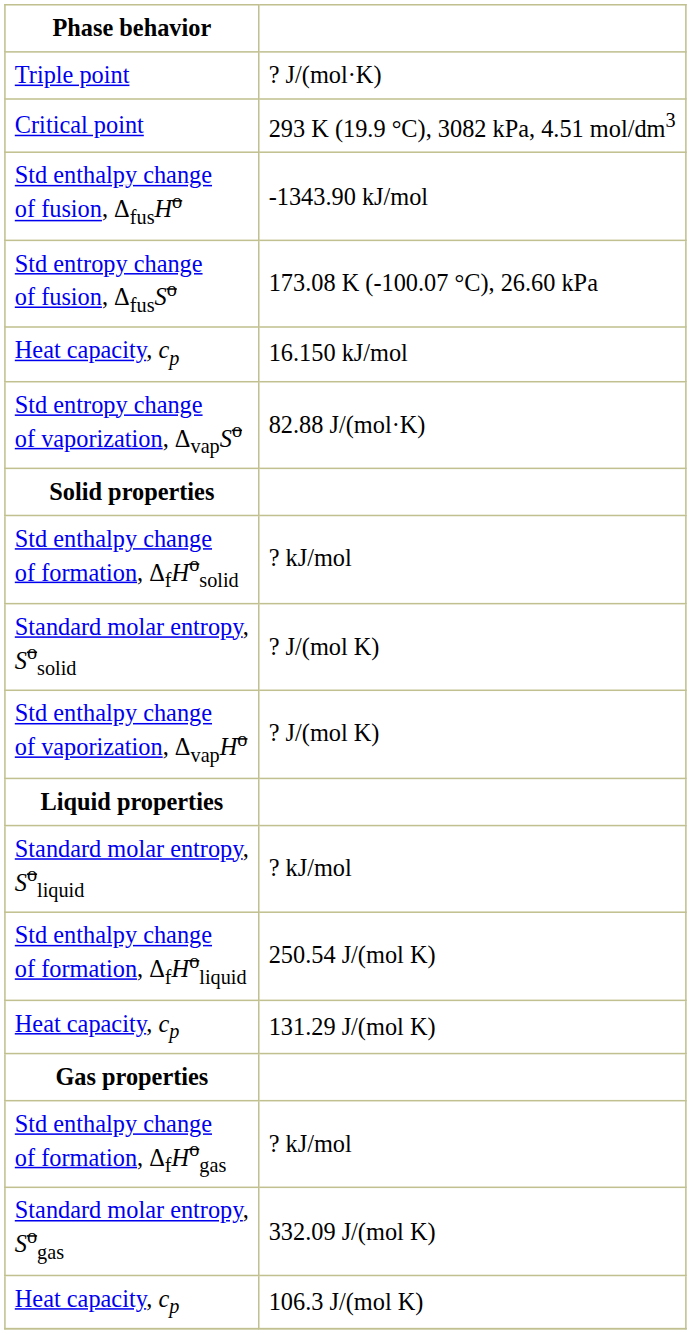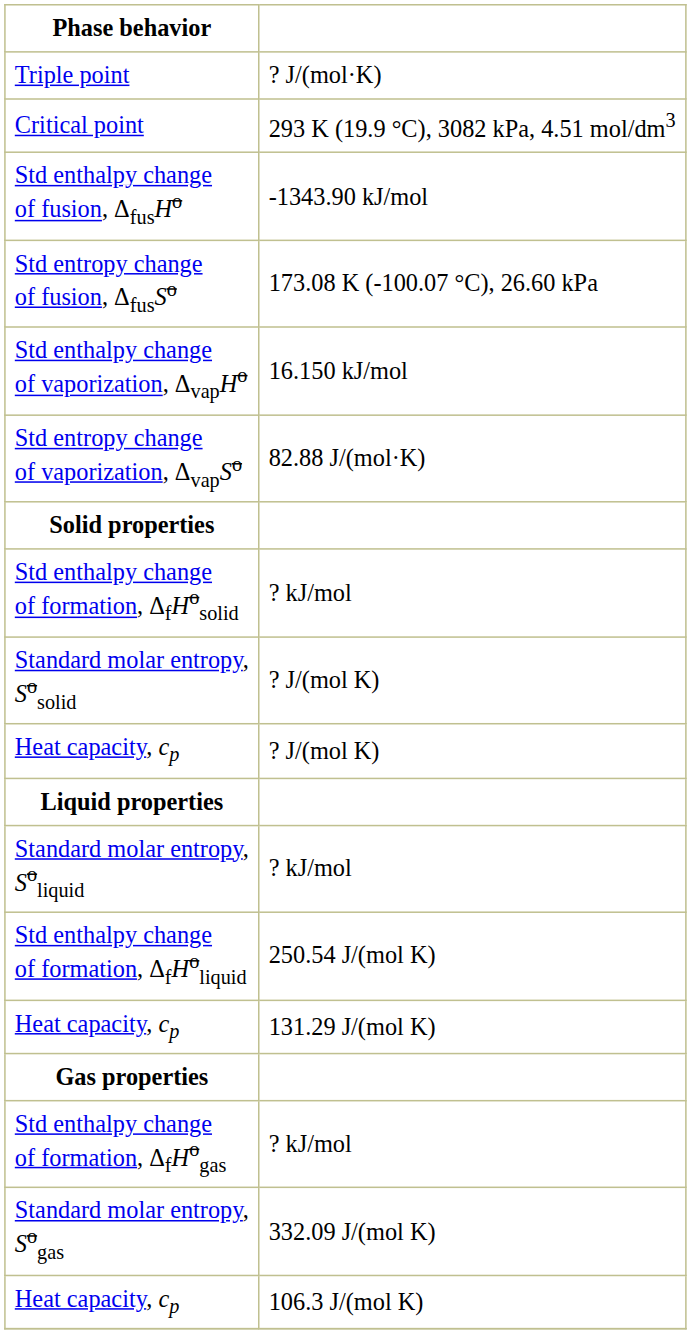 <table border="1" cellspacing="0" cellpadding="6" style="margin: 0 0 0 0.5em; background: #FFFFFF; border-collapse: collapse; border-color: #C0C090;">
 <tr>
 <th>Phase behavior</th>
 </tr>
 <tr>
 <td><a href='#'>Triple point</a></td>
 <td>? J/(mol·K)</td>
 </tr>
 <tr>
 <td><a href='#'>Critical point</a></td>
 <td>293 K (19.9 °C), 3082 kPa, 4.51 mol/dm<sup>3</sup></td>
 </tr>
 <tr>
 <td><a href='#'>Std enthalpy change<br>of fusion</a>, Δ<sub>fus</sub><em>H</em><sup><s>o</s></sup></td>
 <td>-1343.90 kJ/mol</td>
 </tr>
 <tr>
 <td><a href='#'>Std entropy change<br>of fusion</a>, Δ<sub>fus</sub><em>S</em><sup><s>o</s></sup></td>
 <td>173.08 K (-100.07 °C), 26.60 kPa</td>
 </tr>
 <tr>
-<td><a href='#'>Heat capacity</a>, <em>c<sub>p</sub></em></td>
+<td><a href='#'>Std enthalpy change<br>of vaporization</a>, Δ<sub>vap</sub><em>H</em><sup><s>o</s></sup></td>
 <td>16.150 kJ/mol</td>
 </tr>
 <tr>
 <td><a href='#'>Std entropy change<br>of vaporization</a>, Δ<sub>vap</sub><em>S</em><sup><s>o</s></sup></td>
 <td>82.88 J/(mol·K)</td>
 </tr>
 <tr>
 <th>Solid properties</th>
 </tr>
 <tr>
 <td><a href='#'>Std enthalpy change<br>of formation</a>, Δ<sub>f</sub><em>H</em><sup><s>o</s></sup><sub>solid</sub></td>
 <td>? kJ/mol</td>
 </tr>
 <tr>
 <td><a href='#'>Standard molar entropy</a>,<br><em>S</em><sup><s>o</s></sup><sub>solid</sub></td>
 <td>? J/(mol K)</td>
 </tr>
 <tr>
-<td><a href='#'>Std enthalpy change<br>of vaporization</a>, Δ<sub>vap</sub><em>H</em><sup><s>o</s></sup></td>
+<td><a href='#'>Heat capacity</a>, <em>c<sub>p</sub></em></td>
 <td>? J/(mol K)</td>
 </tr>
 <tr>
 <th>Liquid properties</th>
 </tr>
 <tr>
 <td><a href='#'>Standard molar entropy</a>,<br><em>S</em><sup><s>o</s></sup><sub>liquid</sub></td>
 <td>? kJ/mol</td>
 </tr>
 <tr>
 <td><a href='#'>Std enthalpy change<br>of formation</a>, Δ<sub>f</sub><em>H</em><sup><s>o</s></sup><sub>liquid</sub></td>
 <td>250.54 J/(mol K)</td>
 </tr>
 <tr>
 <td><a href='#'>Heat capacity</a>, <em>c<sub>p</sub></em></td>
 <td>131.29 J/(mol K)</td>
 </tr>
 <tr>
 <th>Gas properties</th>
 </tr>
 <tr>
 <td><a href='#'>Std enthalpy change<br>of formation</a>, Δ<sub>f</sub><em>H</em><sup><s>o</s></sup><sub>gas</sub></td>
 <td>? kJ/mol</td>
 </tr>
 <tr>
 <td><a href='#'>Standard molar entropy</a>,<br><em>S</em><sup><s>o</s></sup><sub>gas</sub></td>
 <td>332.09 J/(mol K)</td>
 </tr>
 <tr>
 <td><a href='#'>Heat capacity</a>, <em>c<sub>p</sub></em></td>
 <td>106.3 J/(mol K)</td>
 </tr>
 <tr>
 </tr>
 </table>
